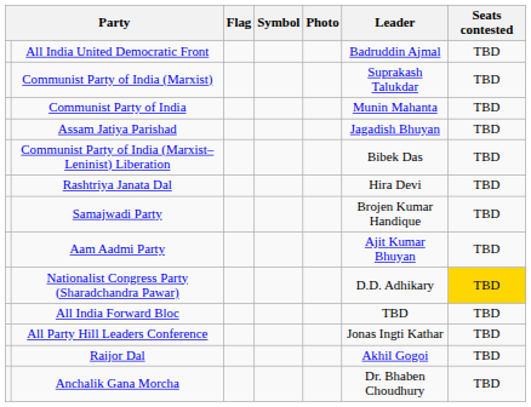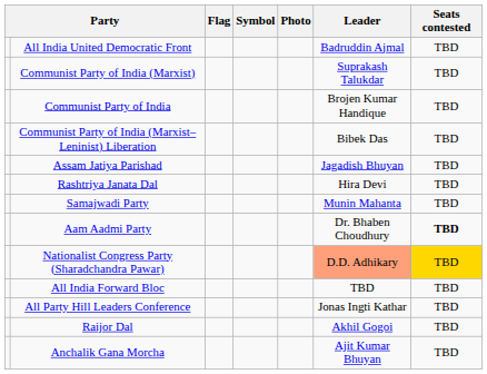 <table class="wikitable" width="50%" style="text-align:center;">
 <tr>
 <th colspan="2">Party</th>
 <th>Flag</th>
 <th>Symbol</th>
 <th>Photo</th>
 <th>Leader</th>
 <th>Seats contested</th>
 </tr>
 <tr>
 <td></td>
 <td><a href='#'>All India United Democratic Front</a></td>
 <td></td>
 <td></td>
 <td></td>
 <td><a href='#'>Badruddin Ajmal</a></td>
 <td>TBD</td>
 </tr>
 <tr>
 <td></td>
 <td><a href='#'>Communist Party of India (Marxist)</a></td>
 <td></td>
 <td></td>
 <td></td>
 <td><a href='#'>Suprakash Talukdar</a></td>
 <td>TBD</td>
 </tr>
 <tr>
 <td></td>
 <td><a href='#'>Communist Party of India</a></td>
 <td></td>
 <td></td>
 <td></td>
-<td><a href='#'>Munin Mahanta</a></td>
+<td>Brojen Kumar Handique</td>
+<td>TBD</td>
+</tr>
+<tr>
+<td></td>
+<td><a href='#'>Communist Party of India (Marxist–Leninist) Liberation</a></td>
+<td></td>
+<td></td>
+<td></td>
+<td>Bibek Das</td>
 <td>TBD</td>
 </tr>
 <tr>
 <td></td>
 <td><a href='#'>Assam Jatiya Parishad</a></td>
 <td></td>
 <td></td>
 <td></td>
 <td><a href='#'>Jagadish Bhuyan</a></td>
-<td>TBD</td>
-</tr>
-<tr>
-<td></td>
-<td><a href='#'>Communist Party of India (Marxist–Leninist) Liberation</a></td>
-<td></td>
-<td></td>
-<td></td>
-<td>Bibek Das</td>
 <td>TBD</td>
 </tr>
 <tr>
 <td></td>
 <td><a href='#'>Rashtriya Janata Dal</a></td>
 <td></td>
 <td></td>
 <td></td>
 <td>Hira Devi</td>
 <td>TBD</td>
 </tr>
 <tr>
 <td></td>
 <td><a href='#'>Samajwadi Party</a></td>
 <td></td>
 <td></td>
 <td></td>
-<td>Brojen Kumar Handique</td>
+<td><a href='#'>Munin Mahanta</a></td>
 <td>TBD</td>
 </tr>
 <tr>
 <td></td>
 <td><a href='#'>Aam Aadmi Party</a></td>
 <td></td>
 <td></td>
 <td></td>
-<td><a href='#'>Ajit Kumar Bhuyan</a></td>
-<td>TBD</td>
+<td>Dr. Bhaben Choudhury</td>
+<td><strong>TBD</strong></td>
 </tr>
 <tr>
 <td></td>
 <td><a href='#'>Nationalist Congress Party (Sharadchandra Pawar)</a></td>
 <td></td>
 <td></td>
 <td></td>
-<td>D.D. Adhikary</td>
+<td style="background: lightsalmon;">D.D. Adhikary</td>
 <td style="background: gold;">TBD</td>
 </tr>
 <tr>
 <td></td>
 <td><a href='#'>All India Forward Bloc</a></td>
 <td></td>
 <td></td>
 <td></td>
 <td>TBD</td>
 <td>TBD</td>
 </tr>
 <tr>
 <td></td>
 <td><a href='#'>All Party Hill Leaders Conference</a></td>
 <td></td>
 <td></td>
 <td></td>
 <td>Jonas Ingti Kathar</td>
 <td>TBD</td>
 </tr>
 <tr>
 <td></td>
 <td><a href='#'>Raijor Dal</a></td>
 <td></td>
 <td></td>
 <td></td>
 <td><a href='#'>Akhil Gogoi</a></td>
 <td>TBD</td>
 </tr>
 <tr>
 <td></td>
 <td><a href='#'>Anchalik Gana Morcha</a></td>
 <td></td>
 <td></td>
 <td></td>
-<td>Dr. Bhaben Choudhury</td>
+<td><a href='#'>Ajit Kumar Bhuyan</a></td>
 <td>TBD</td>
 </tr>
 </table>
